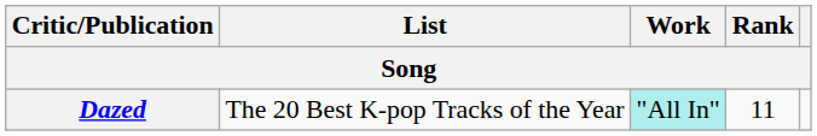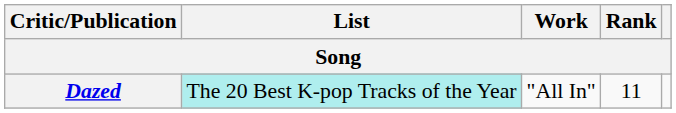 <table class="wikitable plainrowheaders">
 <tr>
 <th>Critic/Publication</th>
 <th>List</th>
 <th>Work</th>
 <th>Rank</th>
 <th></th>
 </tr>
 <tr>
 <th align="center" colspan="5">Song</th>
 </tr>
 <tr>
 <th scope="row"><em><a href='#'>Dazed</a></em></th>
-<td align="center">The 20 Best K-pop Tracks of the Year</td>
-<td align="center" style="background: paleturquoise;">"All In"</td>
+<td align="center" style="background: paleturquoise;">The 20 Best K-pop Tracks of the Year</td>
+<td align="center">"All In"</td>
 <td align="center">11</td>
 <td align="center"></td>
 </tr>
 </table>
